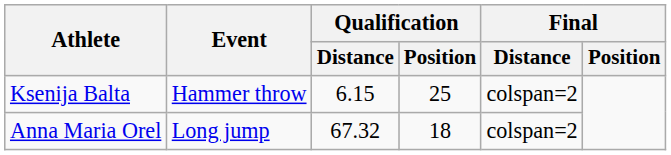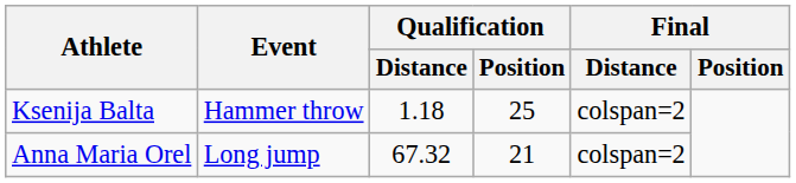 <table class=wikitable style=font-size:90%>
 <tr>
 <th rowspan=2>Athlete</th>
 <th rowspan=2>Event</th>
 <th colspan=2>Qualification</th>
 <th colspan=2>Final</th>
 </tr>
 <tr style=font-size:95%>
 <th>Distance</th>
 <th>Position</th>
 <th>Distance</th>
 <th>Position</th>
 </tr>
 <tr align=center>
 <td align=left><a href='#'>Ksenija Balta</a></td>
 <td align=left><a href='#'>Hammer throw</a></td>
-<td>6.15</td>
+<td>1.18</td>
 <td>25</td>
 <td>colspan=2 </td>
 </tr>
 <tr align=center>
 <td align=left><a href='#'>Anna Maria Orel</a></td>
 <td align=left><a href='#'>Long jump</a></td>
 <td>67.32</td>
-<td>18</td>
+<td>21</td>
 <td>colspan=2 </td>
 </tr>
 </table>
